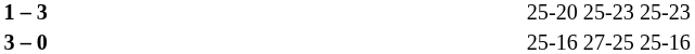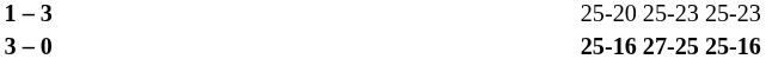 <table width=100% cellspacing=1>
 <tr>
 <th width=20%></th>
 <th width=12%></th>
 <th width=20%></th>
 <th width=33%></th>
 <td></td>
 </tr>
 <tr style=font-size:90%>
 <td align=right></td>
 <td align=center><strong>1 – 3</strong></td>
 <td></td>
 <td>25-20 25-23 25-23</td>
 <td></td>
 </tr>
 <tr style=font-size:90%>
 <td align=right></td>
 <td align=center><strong>3 – 0</strong></td>
 <td></td>
-<td>25-16 27-25 25-16</td>
+<td><strong>25-16 27-25 25-16</strong></td>
 </tr>
 </table>
